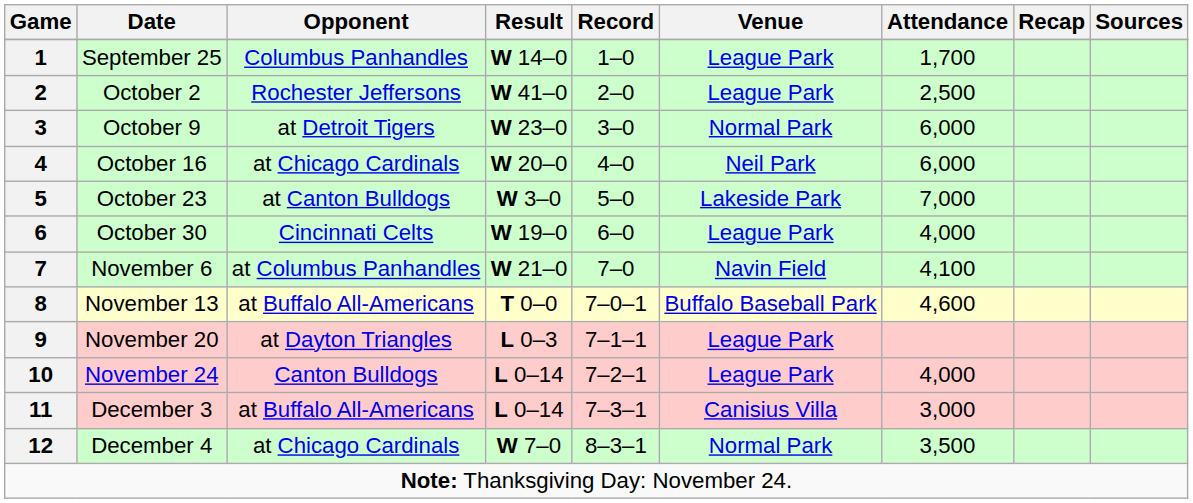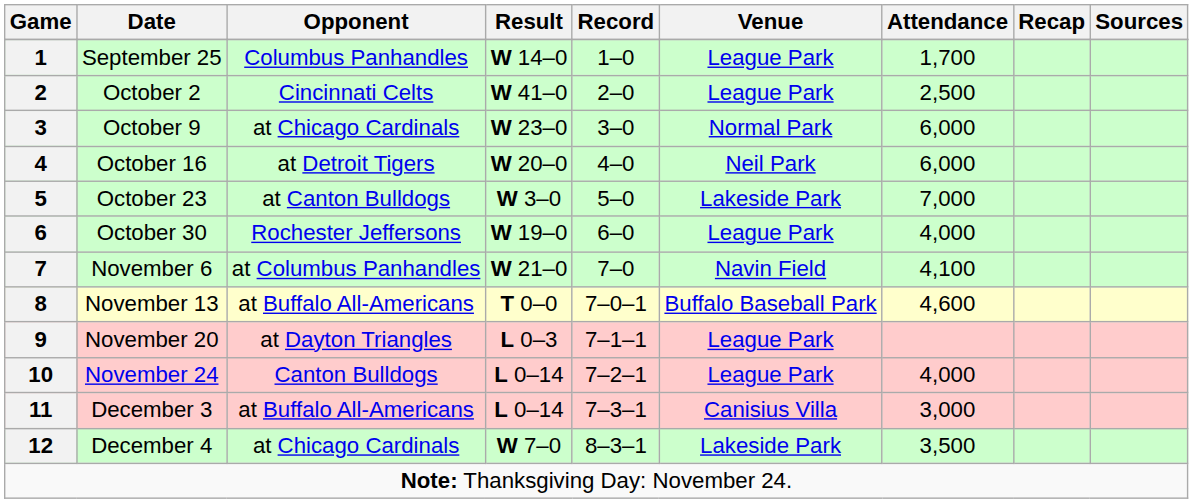 <table class="wikitable" style="text-align:center">
 <tr>
 <th>Game</th>
 <th>Date</th>
 <th>Opponent</th>
 <th>Result</th>
 <th>Record</th>
 <th>Venue</th>
 <th>Attendance</th>
 <th>Recap</th>
 <th>Sources</th>
 </tr>
 <tr>
 </tr>
 <tr style="background:#cfc">
 <th>1</th>
 <td>September 25</td>
 <td><a href='#'>Columbus Panhandles</a></td>
 <td><strong>W</strong> 14–0</td>
 <td>1–0</td>
 <td><a href='#'>League Park</a></td>
 <td>1,700</td>
 <td></td>
 <td></td>
 </tr>
 <tr style="background:#cfc">
 <th>2</th>
 <td>October 2</td>
-<td><a href='#'>Rochester Jeffersons</a></td>
+<td><a href='#'>Cincinnati Celts</a></td>
 <td><strong>W</strong> 41–0</td>
 <td>2–0</td>
 <td><a href='#'>League Park</a></td>
 <td>2,500</td>
 <td></td>
 <td></td>
 </tr>
 <tr style="background:#cfc">
 <th>3</th>
 <td>October 9</td>
-<td>at <a href='#'>Detroit Tigers</a></td>
+<td>at <a href='#'>Chicago Cardinals</a></td>
 <td><strong>W</strong> 23–0</td>
 <td>3–0</td>
 <td><a href='#'>Normal Park</a></td>
 <td>6,000</td>
 <td></td>
 <td></td>
 </tr>
 <tr style="background:#cfc">
 <th>4</th>
 <td>October 16</td>
-<td>at <a href='#'>Chicago Cardinals</a></td>
+<td>at <a href='#'>Detroit Tigers</a></td>
 <td><strong>W</strong> 20–0</td>
 <td>4–0</td>
 <td><a href='#'>Neil Park</a></td>
 <td>6,000</td>
 <td></td>
 <td></td>
 </tr>
 <tr style="background:#cfc">
 <th>5</th>
 <td>October 23</td>
 <td>at <a href='#'>Canton Bulldogs</a></td>
 <td><strong>W</strong> 3–0</td>
 <td>5–0</td>
 <td><a href='#'>Lakeside Park</a></td>
 <td>7,000</td>
 <td></td>
 <td></td>
 </tr>
 <tr style="background:#cfc">
 <th>6</th>
 <td>October 30</td>
-<td><a href='#'>Cincinnati Celts</a></td>
+<td><a href='#'>Rochester Jeffersons</a></td>
 <td><strong>W</strong> 19–0</td>
 <td>6–0</td>
 <td><a href='#'>League Park</a></td>
 <td>4,000</td>
 <td></td>
 <td></td>
 </tr>
 <tr style="background:#cfc">
 <th>7</th>
 <td>November 6</td>
 <td>at <a href='#'>Columbus Panhandles</a></td>
 <td><strong>W</strong> 21–0</td>
 <td>7–0</td>
 <td><a href='#'>Navin Field</a></td>
 <td>4,100</td>
 <td></td>
 <td></td>
 </tr>
 <tr style="background:#ffc">
 <th>8</th>
 <td>November 13</td>
 <td>at <a href='#'>Buffalo All-Americans</a></td>
 <td><strong>T</strong> 0–0</td>
 <td>7–0–1</td>
 <td><a href='#'>Buffalo Baseball Park</a></td>
 <td>4,600</td>
 <td></td>
 <td></td>
 </tr>
 <tr style="background:#fcc">
 <th>9</th>
 <td>November 20</td>
 <td>at <a href='#'>Dayton Triangles</a></td>
 <td><strong>L</strong> 0–3</td>
 <td>7–1–1</td>
 <td><a href='#'>League Park</a></td>
 <td></td>
 <td></td>
 <td></td>
 </tr>
 <tr style="background:#fcc">
 <th>10</th>
 <td><a href='#'>November 24</a></td>
 <td><a href='#'>Canton Bulldogs</a></td>
 <td><strong>L</strong> 0–14</td>
 <td>7–2–1</td>
 <td><a href='#'>League Park</a></td>
 <td>4,000</td>
 <td></td>
 <td></td>
 </tr>
 <tr style="background:#fcc">
 <th>11</th>
 <td>December 3</td>
 <td>at <a href='#'>Buffalo All-Americans</a></td>
 <td><strong>L</strong> 0–14</td>
 <td>7–3–1</td>
 <td><a href='#'>Canisius Villa</a></td>
 <td>3,000</td>
 <td></td>
 <td></td>
 </tr>
 <tr style="background:#cfc">
 <th>12</th>
 <td>December 4</td>
 <td>at <a href='#'>Chicago Cardinals</a></td>
 <td><strong>W</strong> 7–0</td>
 <td>8–3–1</td>
-<td><a href='#'>Normal Park</a></td>
+<td><a href='#'>Lakeside Park</a></td>
 <td>3,500</td>
 <td></td>
 <td></td>
 </tr>
 <tr>
 <td colspan="10"><strong>Note:</strong> Thanksgiving Day: November 24.</td>
 </tr>
 </table>
